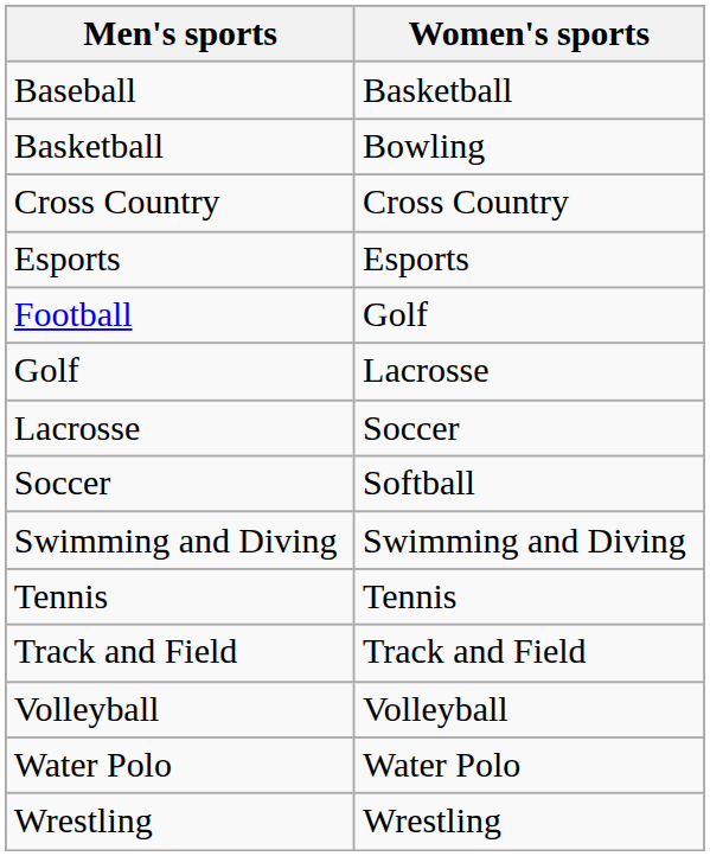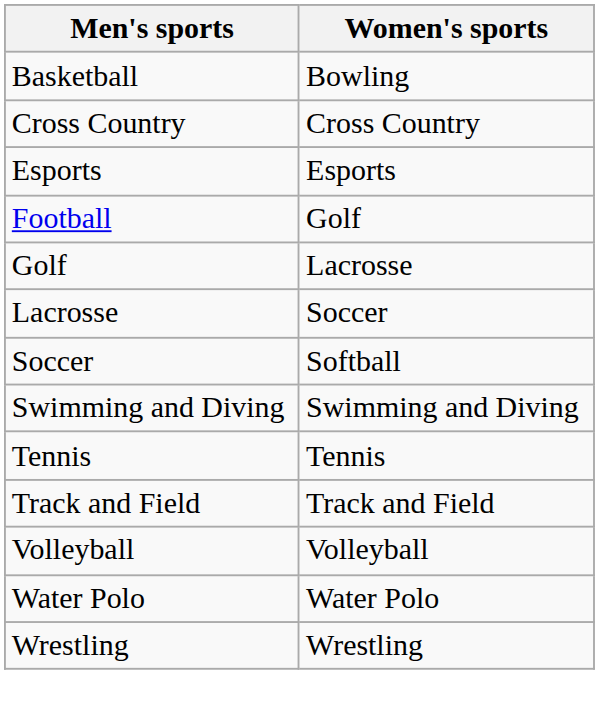 <table class="wikitable"; style= "text-align: ">
 <tr>
 <th width=150px>Men's sports</th>
 <th width=150px>Women's sports</th>
-</tr>
-<tr>
-<td>Baseball</td>
-<td>Basketball</td>
 </tr>
 <tr>
 <td>Basketball</td>
 <td>Bowling</td>
 </tr>
 <tr>
 <td>Cross Country</td>
 <td>Cross Country</td>
 </tr>
 <tr>
 <td>Esports</td>
 <td>Esports</td>
 </tr>
 <tr>
 <td><a href='#'>Football</a></td>
 <td>Golf</td>
 </tr>
 <tr>
 <td>Golf</td>
 <td>Lacrosse</td>
 </tr>
 <tr>
 <td>Lacrosse</td>
 <td>Soccer</td>
 </tr>
 <tr>
 <td>Soccer</td>
 <td>Softball</td>
 </tr>
 <tr>
 <td>Swimming and Diving</td>
 <td>Swimming and Diving</td>
 </tr>
 <tr>
 <td>Tennis</td>
 <td>Tennis</td>
 </tr>
 <tr>
 <td>Track and Field</td>
 <td>Track and Field</td>
 </tr>
 <tr>
 <td>Volleyball</td>
 <td>Volleyball</td>
 </tr>
 <tr>
 <td>Water Polo</td>
 <td>Water Polo</td>
 </tr>
 <tr>
 <td>Wrestling</td>
 <td>Wrestling</td>
 </tr>
 </table>
